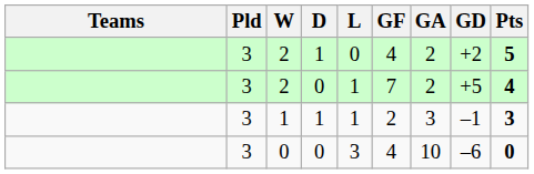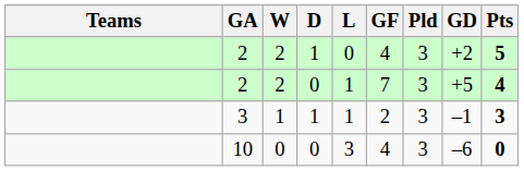 <table class="wikitable" style="text-align: center;">
 <tr>
 <th width=165>Teams</th>
-<th width=20>Pld</th>
+<th width=20>GA</th>
 <th width=20>W</th>
 <th width=20>D</th>
 <th width=20>L</th>
 <th width=20>GF</th>
-<th width=20>GA</th>
+<th width=20>Pld</th>
 <th width=20>GD</th>
 <th width=20>Pts</th>
 </tr>
 <tr align=center style="background:#ccffcc;">
 <td style="text-align:left;"></td>
-<td>3</td>
+<td>2</td>
 <td>2</td>
 <td>1</td>
 <td>0</td>
 <td>4</td>
-<td>2</td>
+<td>3</td>
 <td>+2</td>
 <td><strong>5</strong></td>
 </tr>
 <tr align=center style="background:#ccffcc;">
 <td style="text-align:left;"></td>
-<td>3</td>
+<td>2</td>
 <td>2</td>
 <td>0</td>
 <td>1</td>
 <td>7</td>
-<td>2</td>
+<td>3</td>
 <td>+5</td>
 <td><strong>4</strong></td>
 </tr>
 <tr align=center>
 <td style="text-align:left;"></td>
 <td>3</td>
 <td>1</td>
 <td>1</td>
 <td>1</td>
 <td>2</td>
 <td>3</td>
 <td>–1</td>
 <td><strong>3</strong></td>
 </tr>
 <tr align=center>
 <td style="text-align:left;"></td>
-<td>3</td>
+<td>10</td>
 <td>0</td>
 <td>0</td>
 <td>3</td>
 <td>4</td>
-<td>10</td>
+<td>3</td>
 <td>–6</td>
 <td><strong>0</strong></td>
 </tr>
 </table>
